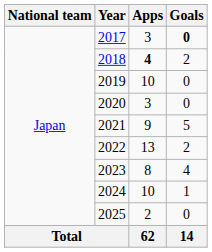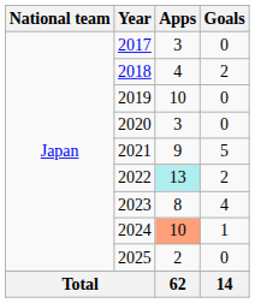 <table class="wikitable" style="text-align:center">
 <tr>
 <th>National team</th>
 <th>Year</th>
 <th>Apps</th>
 <th>Goals</th>
 </tr>
 <tr>
 <td rowspan="9"><a href='#'>Japan</a></td>
 <td><a href='#'>2017</a></td>
 <td>3</td>
-<td><strong>0</strong></td>
+<td>0</td>
 </tr>
 <tr>
 <td><a href='#'>2018</a></td>
-<td><strong>4</strong></td>
+<td>4</td>
 <td>2</td>
 </tr>
 <tr>
 <td>2019</td>
 <td>10</td>
 <td>0</td>
 </tr>
 <tr>
 <td>2020</td>
 <td>3</td>
 <td>0</td>
 </tr>
 <tr>
 <td>2021</td>
 <td>9</td>
 <td>5</td>
 </tr>
 <tr>
 <td>2022</td>
-<td>13</td>
+<td style="background: paleturquoise;">13</td>
 <td>2</td>
 </tr>
 <tr>
 <td>2023</td>
 <td>8</td>
 <td>4</td>
 </tr>
 <tr>
 <td>2024</td>
-<td>10</td>
+<td style="background: lightsalmon;">10</td>
 <td>1</td>
 </tr>
 <tr>
 <td>2025</td>
 <td>2</td>
 <td>0</td>
 </tr>
 <tr>
 <th colspan="2">Total</th>
 <th>62</th>
 <th>14</th>
 </tr>
 </table>
